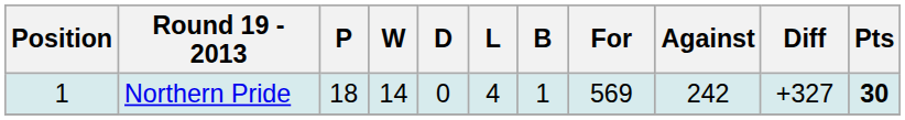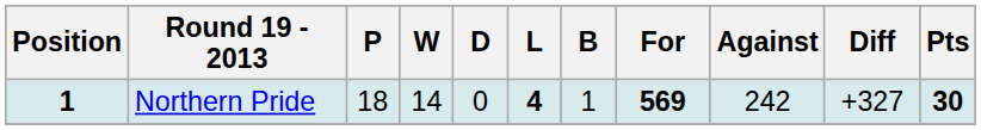 <table class="wikitable" style="text-align:center; font-size:85%;">
 <tr>
 <th width=40 abbr="Position">Position</th>
 <th width=100>Round 19 - 2013</th>
 <th width=20 abbr="Played">P</th>
 <th width=20 abbr="Won">W</th>
 <th width=20 abbr="Drawn">D</th>
 <th width=20 abbr="Lost">L</th>
 <th width=20 abbr="Bye">B</th>
 <th width=40 abbr="Points for">For</th>
 <th width=40 abbr="Points against">Against</th>
 <th width=40 abbr="Points difference">Diff</th>
 <th width=20 abbr="Points">Pts</th>
 </tr>
 <tr style="background: #d7ebed;">
-<td>1</td>
+<td><strong>1</strong></td>
 <td style="text-align:left;"> <a href='#'>Northern Pride</a></td>
 <td>18</td>
 <td>14</td>
 <td>0</td>
-<td>4</td>
+<td><strong>4</strong></td>
 <td>1</td>
-<td>569</td>
+<td><strong>569</strong></td>
 <td>242</td>
 <td>+327</td>
 <td><strong>30</strong></td>
 </tr>
 <tr>
 </tr>
 </table>
